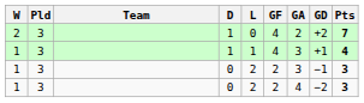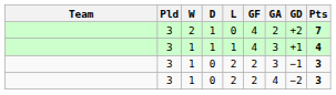 <table class="wikitable" style="text-align: center;">
 <tr>
+<th style="width:185px;">Team</th>
+<th width="20">Pld</th>
 <th width="20">W</th>
-<th width="20">Pld</th>
-<th style="width:185px;">Team</th>
 <th width="20">D</th>
 <th width="20">L</th>
 <th width="20">GF</th>
 <th width="20">GA</th>
 <th width="20">GD</th>
 <th width="20">Pts</th>
 </tr>
 <tr style="background:#cfc;">
+<td align="left"></td>
+<td>3</td>
 <td>2</td>
-<td>3</td>
-<td align="left"></td>
 <td>1</td>
 <td>0</td>
 <td>4</td>
 <td>2</td>
 <td>+2</td>
 <td><strong>7</strong></td>
 </tr>
 <tr style="background:#cfc;">
+<td align="left"></td>
+<td>3</td>
 <td>1</td>
-<td>3</td>
-<td align="left"></td>
 <td>1</td>
 <td>1</td>
 <td>4</td>
 <td>3</td>
 <td>+1</td>
 <td><strong>4</strong></td>
 </tr>
 <tr>
+<td align="left"></td>
+<td>3</td>
 <td>1</td>
-<td>3</td>
-<td align="left"></td>
 <td>0</td>
 <td>2</td>
 <td>2</td>
 <td>3</td>
 <td>−1</td>
 <td><strong>3</strong></td>
 </tr>
 <tr>
+<td align="left"></td>
+<td>3</td>
 <td>1</td>
-<td>3</td>
-<td align="left"></td>
 <td>0</td>
 <td>2</td>
 <td>2</td>
 <td>4</td>
 <td>−2</td>
 <td><strong>3</strong></td>
 </tr>
 </table>
